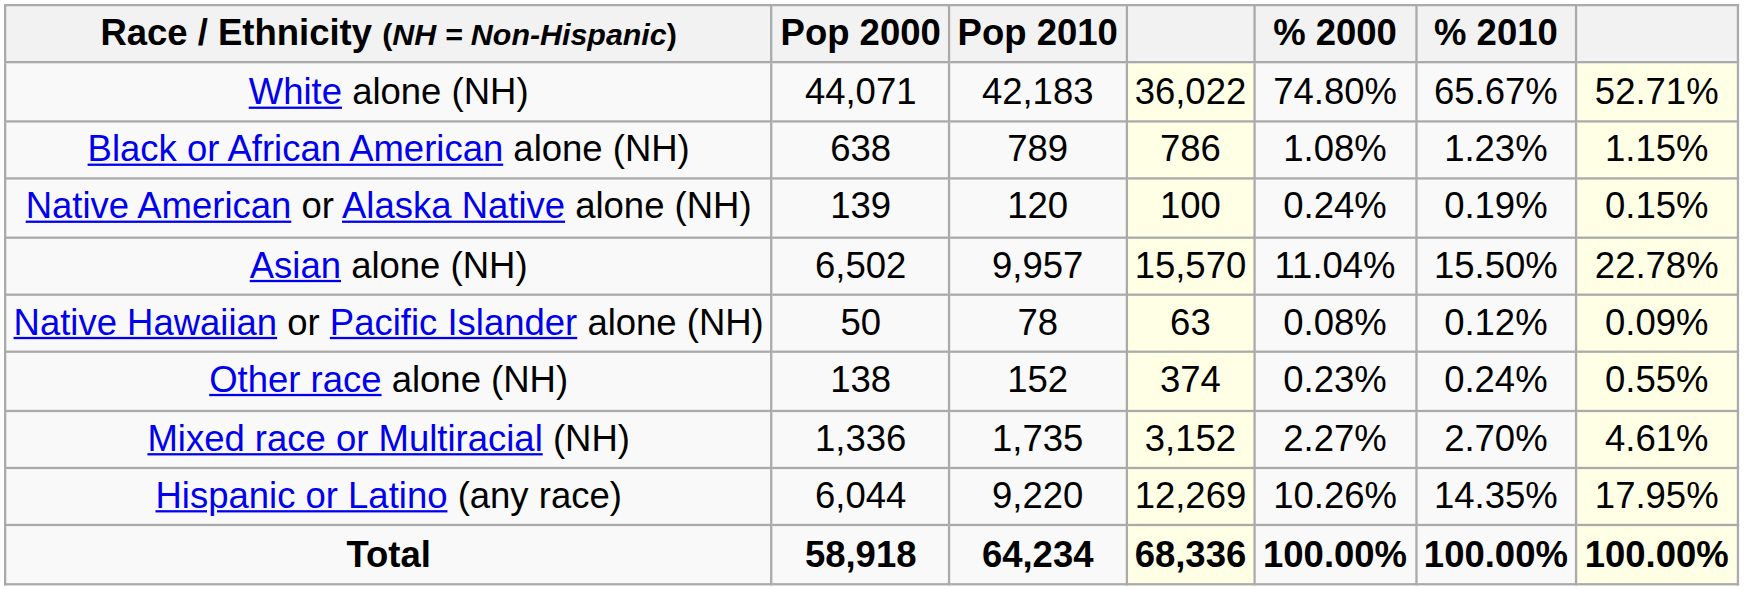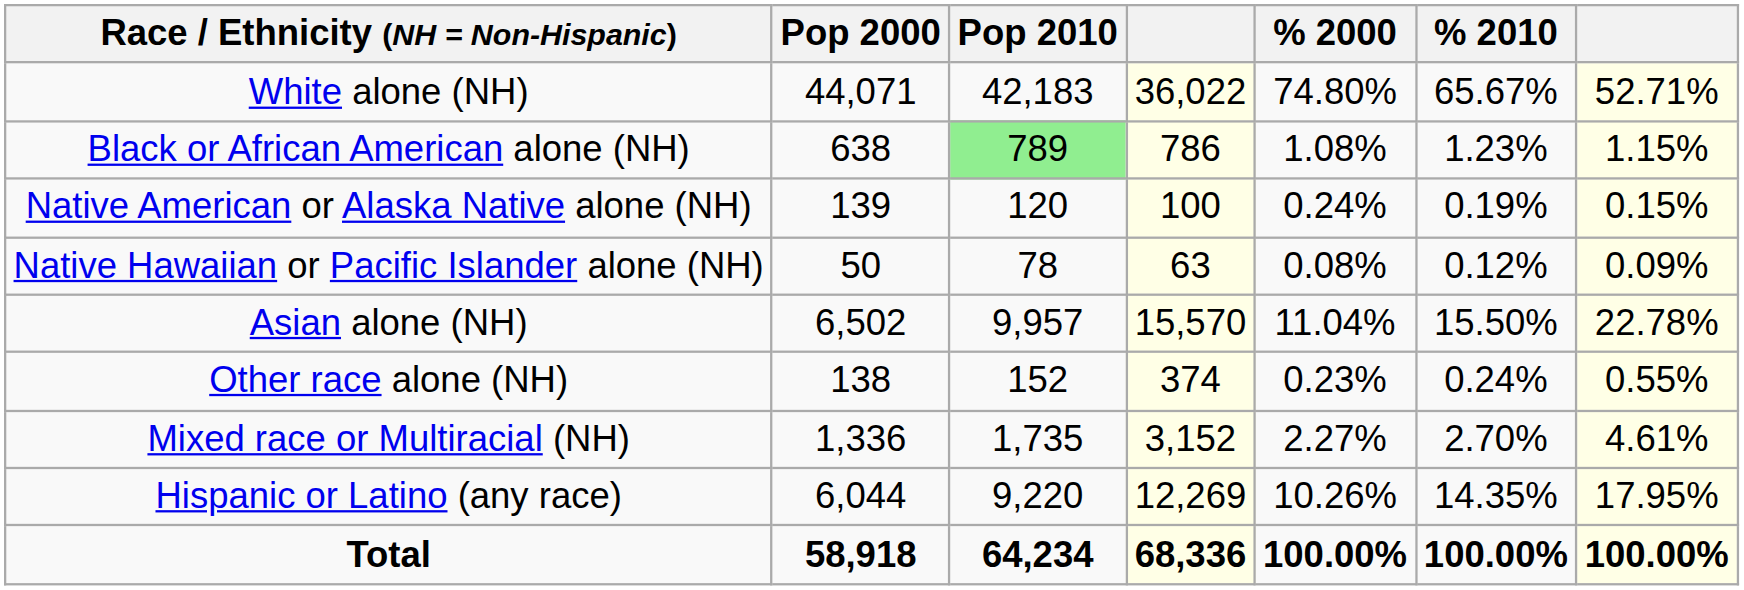 <table class="wikitable" style="text-align:center;">
 <tr>
 <th>Race / Ethnicity <small>(<em>NH = Non-Hispanic</em>)</small></th>
 <th>Pop 2000</th>
 <th>Pop 2010</th>
 <th></th>
 <th>% 2000</th>
 <th>% 2010</th>
 <th></th>
 </tr>
 <tr>
 <td><a href='#'>White</a> alone (NH)</td>
 <td>44,071</td>
 <td>42,183</td>
 <td style='background: #ffffe6;'>36,022</td>
 <td>74.80%</td>
 <td>65.67%</td>
 <td style='background: #ffffe6;'>52.71%</td>
 </tr>
 <tr>
 <td><a href='#'>Black or African American</a> alone (NH)</td>
 <td>638</td>
-<td>789</td>
+<td style="background: lightgreen;">789</td>
 <td style='background: #ffffe6;'>786</td>
 <td>1.08%</td>
 <td>1.23%</td>
 <td style='background: #ffffe6;'>1.15%</td>
 </tr>
 <tr>
 <td><a href='#'>Native American</a> or <a href='#'>Alaska Native</a> alone (NH)</td>
 <td>139</td>
 <td>120</td>
 <td style='background: #ffffe6;'>100</td>
 <td>0.24%</td>
 <td>0.19%</td>
 <td style='background: #ffffe6;'>0.15%</td>
 </tr>
 <tr>
+<td><a href='#'>Native Hawaiian</a> or <a href='#'>Pacific Islander</a> alone (NH)</td>
+<td>50</td>
+<td>78</td>
+<td style='background: #ffffe6;'>63</td>
+<td>0.08%</td>
+<td>0.12%</td>
+<td style='background: #ffffe6;'>0.09%</td>
+</tr>
+<tr>
 <td><a href='#'>Asian</a> alone (NH)</td>
 <td>6,502</td>
 <td>9,957</td>
 <td style='background: #ffffe6;'>15,570</td>
 <td>11.04%</td>
 <td>15.50%</td>
 <td style='background: #ffffe6;'>22.78%</td>
-</tr>
-<tr>
-<td><a href='#'>Native Hawaiian</a> or <a href='#'>Pacific Islander</a> alone (NH)</td>
-<td>50</td>
-<td>78</td>
-<td style='background: #ffffe6;'>63</td>
-<td>0.08%</td>
-<td>0.12%</td>
-<td style='background: #ffffe6;'>0.09%</td>
 </tr>
 <tr>
 <td><a href='#'>Other race</a> alone (NH)</td>
 <td>138</td>
 <td>152</td>
 <td style='background: #ffffe6;'>374</td>
 <td>0.23%</td>
 <td>0.24%</td>
 <td style='background: #ffffe6;'>0.55%</td>
 </tr>
 <tr>
 <td><a href='#'>Mixed race or Multiracial</a> (NH)</td>
 <td>1,336</td>
 <td>1,735</td>
 <td style='background: #ffffe6;'>3,152</td>
 <td>2.27%</td>
 <td>2.70%</td>
 <td style='background: #ffffe6;'>4.61%</td>
 </tr>
 <tr>
 <td><a href='#'>Hispanic or Latino</a> (any race)</td>
 <td>6,044</td>
 <td>9,220</td>
 <td style='background: #ffffe6;'>12,269</td>
 <td>10.26%</td>
 <td>14.35%</td>
 <td style='background: #ffffe6;'>17.95%</td>
 </tr>
 <tr>
 <td><strong>Total</strong></td>
 <td><strong>58,918</strong></td>
 <td><strong>64,234</strong></td>
 <td style='background: #ffffe6;'><strong>68,336</strong></td>
 <td><strong>100.00%</strong></td>
 <td><strong>100.00%</strong></td>
 <td style='background: #ffffe6;'><strong>100.00%</strong></td>
 </tr>
 </table>
